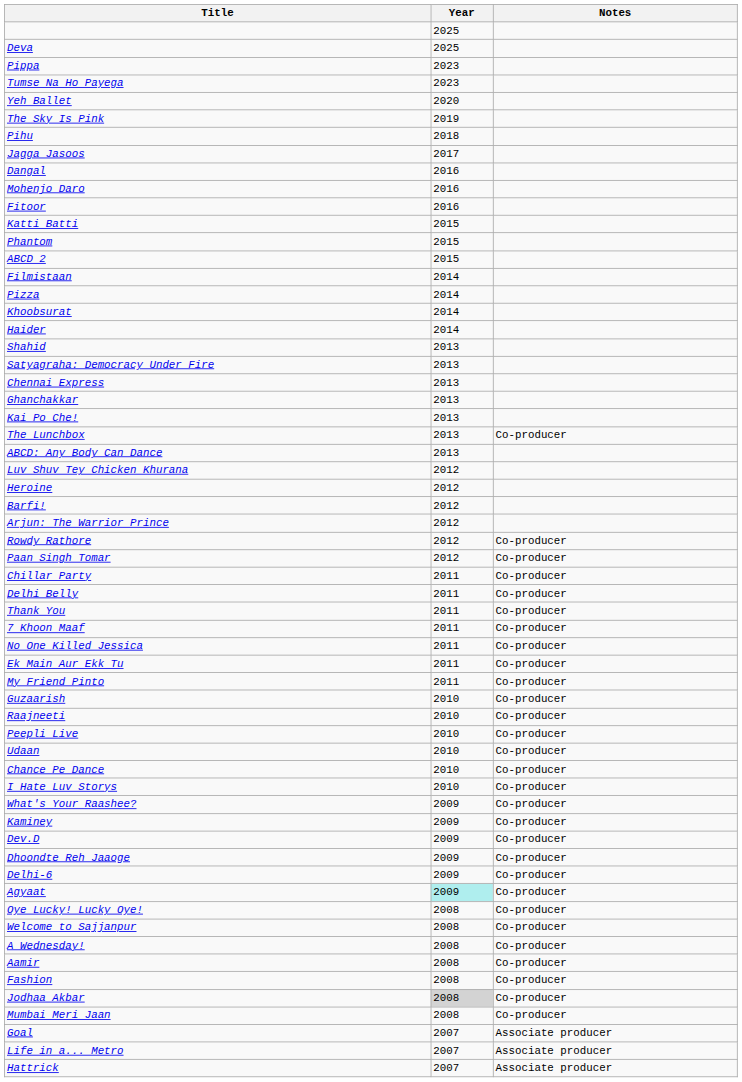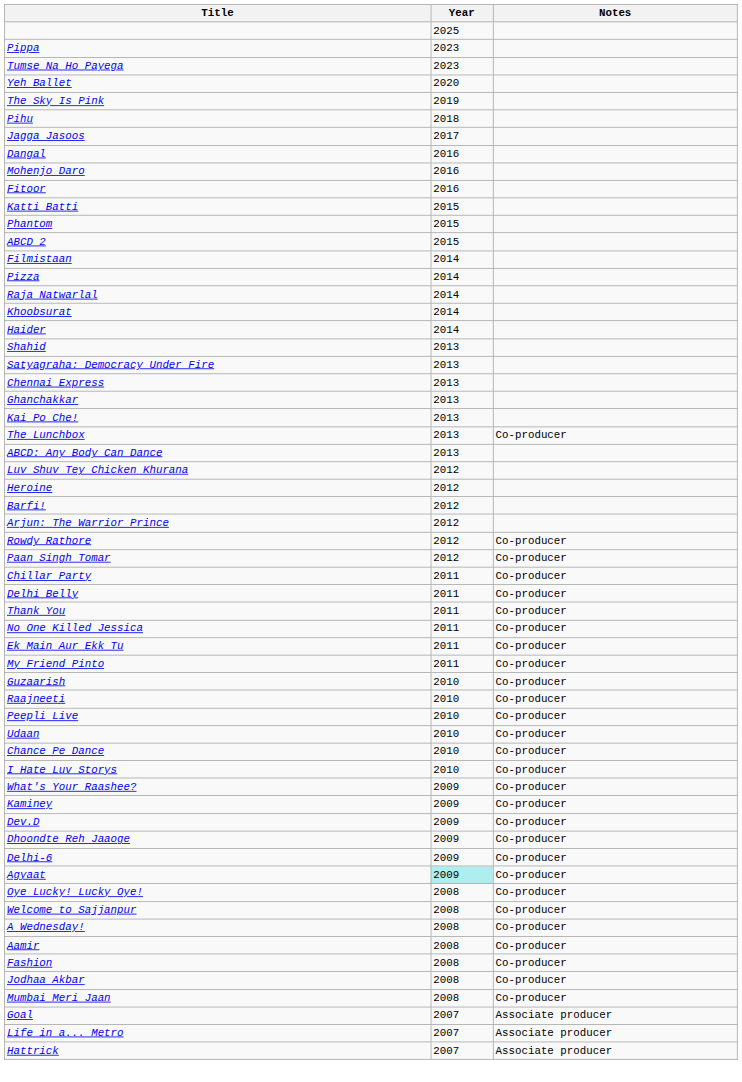 <table class="wikitable" style="width: 100%;">
 <tr>
 <th>Title</th>
 <th>Year</th>
 <th>Notes</th>
 </tr>
 <tr>
 <td></td>
-<td>2025</td>
-<td></td>
-</tr>
-<tr>
-<td><em><a href='#'>Deva</a></em></td>
 <td>2025</td>
 <td></td>
 </tr>
 <tr>
 <td><em><a href='#'>Pippa</a></em></td>
 <td>2023</td>
 <td></td>
 </tr>
 <tr>
 <td><em><a href='#'>Tumse Na Ho Payega</a></em></td>
 <td>2023</td>
 <td></td>
 </tr>
 <tr>
 <td><em><a href='#'>Yeh Ballet</a></em></td>
 <td>2020</td>
 <td></td>
 </tr>
 <tr>
 <td><em><a href='#'>The Sky Is Pink</a></em></td>
 <td>2019</td>
 <td></td>
 </tr>
 <tr>
 <td><em><a href='#'>Pihu</a></em></td>
 <td>2018</td>
 <td></td>
 </tr>
 <tr>
 <td><em><a href='#'>Jagga Jasoos</a></em></td>
 <td>2017</td>
 <td></td>
 </tr>
 <tr>
 <td><em><a href='#'>Dangal</a></em></td>
 <td>2016</td>
 <td></td>
 </tr>
 <tr>
 <td><a href='#'><em>Mohenjo Daro</em></a></td>
 <td>2016</td>
 <td></td>
 </tr>
 <tr>
 <td><em><a href='#'>Fitoor</a></em></td>
 <td>2016</td>
 <td></td>
 </tr>
 <tr>
 <td><em><a href='#'>Katti Batti</a></em></td>
 <td>2015</td>
 <td></td>
 </tr>
 <tr>
 <td><a href='#'><em>Phantom</em></a></td>
 <td>2015</td>
 <td></td>
 </tr>
 <tr>
 <td><em><a href='#'>ABCD 2</a></em></td>
 <td>2015</td>
 <td></td>
 </tr>
 <tr>
 <td><em><a href='#'>Filmistaan</a></em></td>
 <td>2014</td>
 <td></td>
 </tr>
 <tr>
 <td><a href='#'><em>Pizza</em></a></td>
+<td>2014</td>
+<td></td>
+</tr>
+<tr>
+<td><em><a href='#'>Raja Natwarlal</a></em></td>
 <td>2014</td>
 <td></td>
 </tr>
 <tr>
 <td><a href='#'><em>Khoobsurat</em></a></td>
 <td>2014</td>
 <td></td>
 </tr>
 <tr>
 <td><a href='#'><em>Haider</em></a></td>
 <td>2014</td>
 <td></td>
 </tr>
 <tr>
 <td><a href='#'><em>Shahid</em></a></td>
 <td>2013</td>
 <td></td>
 </tr>
 <tr>
 <td><a href='#'><em>Satyagraha: Democracy Under Fire</em></a></td>
 <td>2013</td>
 <td></td>
 </tr>
 <tr>
 <td><em><a href='#'>Chennai Express</a></em></td>
 <td>2013</td>
 <td></td>
 </tr>
 <tr>
 <td><a href='#'><em>Ghanchakkar</em></a></td>
 <td>2013</td>
 <td></td>
 </tr>
 <tr>
 <td><em><a href='#'>Kai Po Che!</a></em></td>
 <td>2013</td>
 <td></td>
 </tr>
 <tr>
 <td><em><a href='#'>The Lunchbox</a></em></td>
 <td>2013</td>
 <td>Co-producer</td>
 </tr>
 <tr>
 <td><em><a href='#'>ABCD: Any Body Can Dance</a></em></td>
 <td>2013</td>
 <td></td>
 </tr>
 <tr>
 <td><em><a href='#'>Luv Shuv Tey Chicken Khurana</a></em></td>
 <td>2012</td>
 <td></td>
 </tr>
 <tr>
 <td><a href='#'><em>Heroine</em></a></td>
 <td>2012</td>
 <td></td>
 </tr>
 <tr>
 <td><em><a href='#'>Barfi!</a></em></td>
 <td>2012</td>
 <td></td>
 </tr>
 <tr>
 <td><em><a href='#'>Arjun: The Warrior Prince</a></em></td>
 <td>2012</td>
 <td></td>
 </tr>
 <tr>
 <td><em><a href='#'>Rowdy Rathore</a></em></td>
 <td>2012</td>
 <td>Co-producer</td>
 </tr>
 <tr>
 <td><a href='#'><em>Paan Singh Tomar</em></a></td>
 <td>2012</td>
 <td>Co-producer</td>
 </tr>
 <tr>
 <td><em><a href='#'>Chillar Party</a></em></td>
 <td>2011</td>
 <td>Co-producer</td>
 </tr>
 <tr>
 <td><a href='#'><em>Delhi Belly</em></a></td>
 <td>2011</td>
 <td>Co-producer</td>
 </tr>
 <tr>
 <td><a href='#'><em>Thank You</em></a></td>
-<td>2011</td>
-<td>Co-producer</td>
-</tr>
-<tr>
-<td><em><a href='#'>7 Khoon Maaf</a></em></td>
 <td>2011</td>
 <td>Co-producer</td>
 </tr>
 <tr>
 <td><em><a href='#'>No One Killed Jessica</a></em></td>
 <td>2011</td>
 <td>Co-producer</td>
 </tr>
 <tr>
 <td><em><a href='#'>Ek Main Aur Ekk Tu</a></em></td>
 <td>2011</td>
 <td>Co-producer</td>
 </tr>
 <tr>
 <td><em><a href='#'>My Friend Pinto</a></em></td>
 <td>2011</td>
 <td>Co-producer</td>
 </tr>
 <tr>
 <td><a href='#'><em>Guzaarish</em></a></td>
 <td>2010</td>
 <td>Co-producer</td>
 </tr>
 <tr>
 <td><em><a href='#'>Raajneeti</a></em></td>
 <td>2010</td>
 <td>Co-producer</td>
 </tr>
 <tr>
 <td><em><a href='#'>Peepli Live</a></em></td>
 <td>2010</td>
 <td>Co-producer</td>
 </tr>
 <tr>
 <td><a href='#'><em>Udaan</em></a></td>
 <td>2010</td>
 <td>Co-producer</td>
 </tr>
 <tr>
 <td><em><a href='#'>Chance Pe Dance</a></em></td>
 <td>2010</td>
 <td>Co-producer</td>
 </tr>
 <tr>
 <td><em><a href='#'>I Hate Luv Storys</a></em></td>
 <td>2010</td>
 <td>Co-producer</td>
 </tr>
 <tr>
 <td><em><a href='#'>What's Your Raashee?</a></em></td>
 <td>2009</td>
 <td>Co-producer</td>
 </tr>
 <tr>
 <td><em><a href='#'>Kaminey</a></em></td>
 <td>2009</td>
 <td>Co-producer</td>
 </tr>
 <tr>
 <td><em><a href='#'>Dev.D</a></em></td>
 <td>2009</td>
 <td>Co-producer</td>
 </tr>
 <tr>
 <td><em><a href='#'>Dhoondte Reh Jaaoge</a></em></td>
 <td>2009</td>
 <td>Co-producer</td>
 </tr>
 <tr>
 <td><em><a href='#'>Delhi-6</a></em></td>
 <td>2009</td>
 <td>Co-producer</td>
 </tr>
 <tr>
 <td><em><a href='#'>Agyaat</a></em></td>
 <td style="background: paleturquoise;">2009</td>
 <td>Co-producer</td>
 </tr>
 <tr>
 <td><em><a href='#'>Oye Lucky! Lucky Oye!</a></em></td>
 <td>2008</td>
 <td>Co-producer</td>
 </tr>
 <tr>
 <td><em><a href='#'>Welcome to Sajjanpur</a></em></td>
 <td>2008</td>
 <td>Co-producer</td>
 </tr>
 <tr>
 <td><em><a href='#'>A Wednesday!</a></em></td>
 <td>2008</td>
 <td>Co-producer</td>
 </tr>
 <tr>
 <td><a href='#'><em>Aamir</em></a></td>
 <td>2008</td>
 <td>Co-producer</td>
 </tr>
 <tr>
 <td><a href='#'><em>Fashion</em></a></td>
 <td>2008</td>
 <td>Co-producer</td>
 </tr>
 <tr>
 <td><em><a href='#'>Jodhaa Akbar</a></em></td>
-<td style="background: lightgrey;">2008</td>
+<td>2008</td>
 <td>Co-producer</td>
 </tr>
 <tr>
 <td><em><a href='#'>Mumbai Meri Jaan</a></em></td>
 <td>2008</td>
 <td>Co-producer</td>
 </tr>
 <tr>
 <td><em><a href='#'>Goal</a></em></td>
 <td>2007</td>
 <td>Associate producer</td>
 </tr>
 <tr>
 <td><em><a href='#'>Life in a... Metro</a></em></td>
 <td>2007</td>
 <td>Associate producer</td>
 </tr>
 <tr>
 <td><em><a href='#'>Hattrick</a></em></td>
 <td>2007</td>
 <td>Associate producer</td>
 </tr>
 </table>
